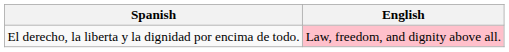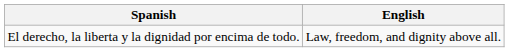 <table class="wikitable">
 <tr>
 <th>Spanish</th>
 <th>English</th>
 </tr>
 <tr>
 <td>El derecho, la liberta y la dignidad por encima de todo.</td>
-<td style="background: pink;">Law, freedom, and dignity above all.</td>
+<td>Law, freedom, and dignity above all.</td>
 </tr>
 </table>
